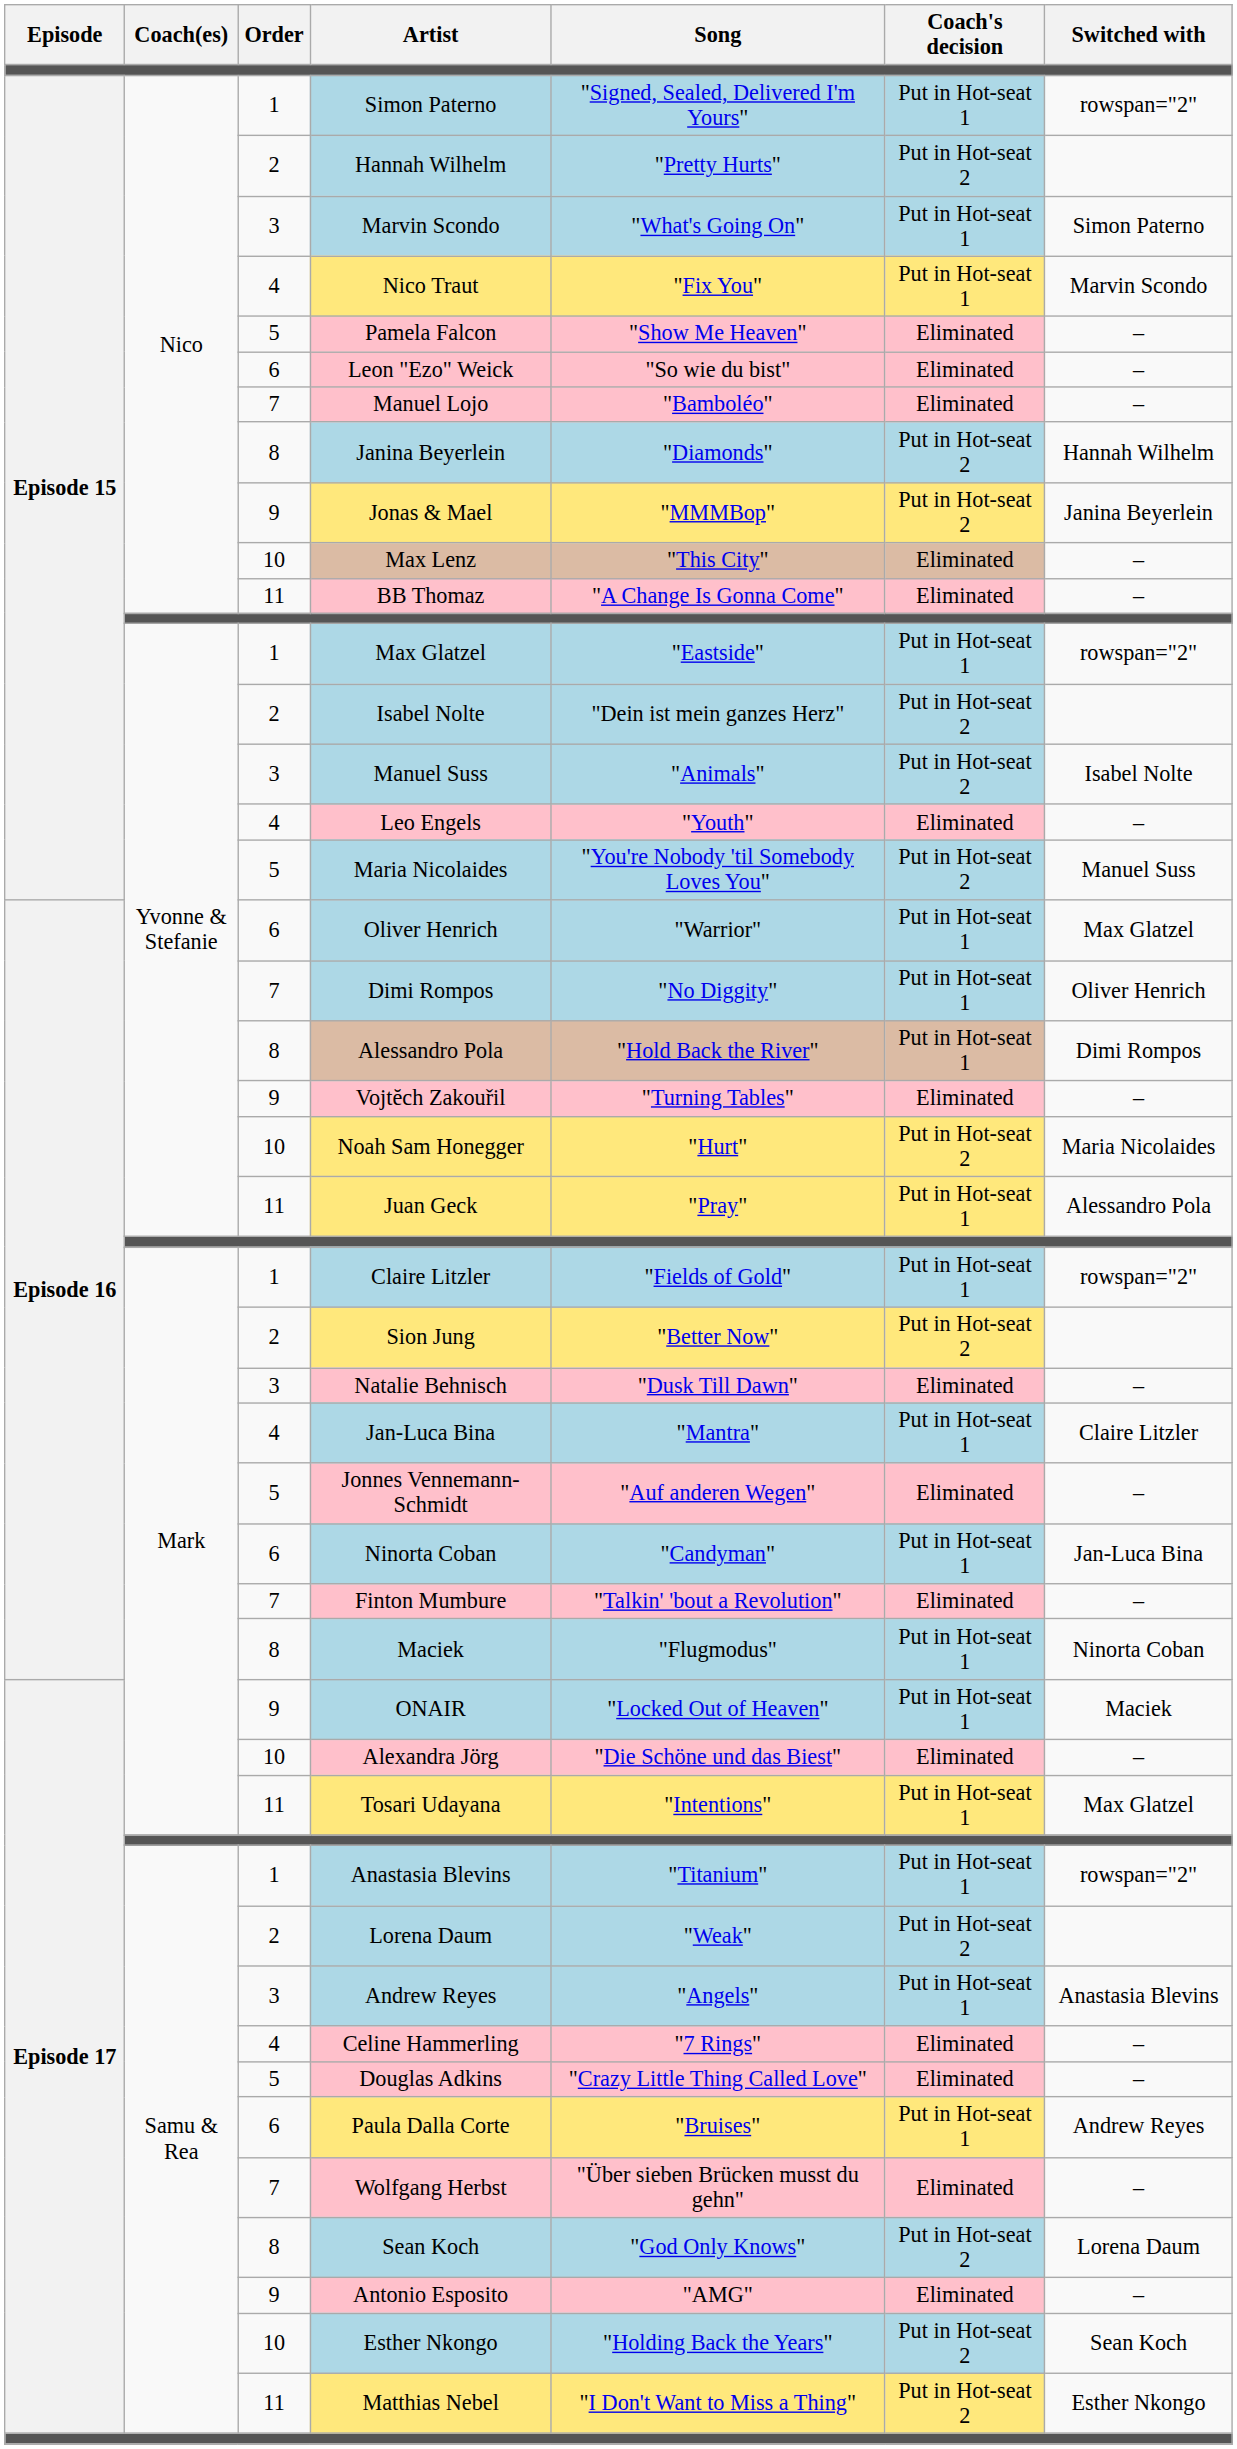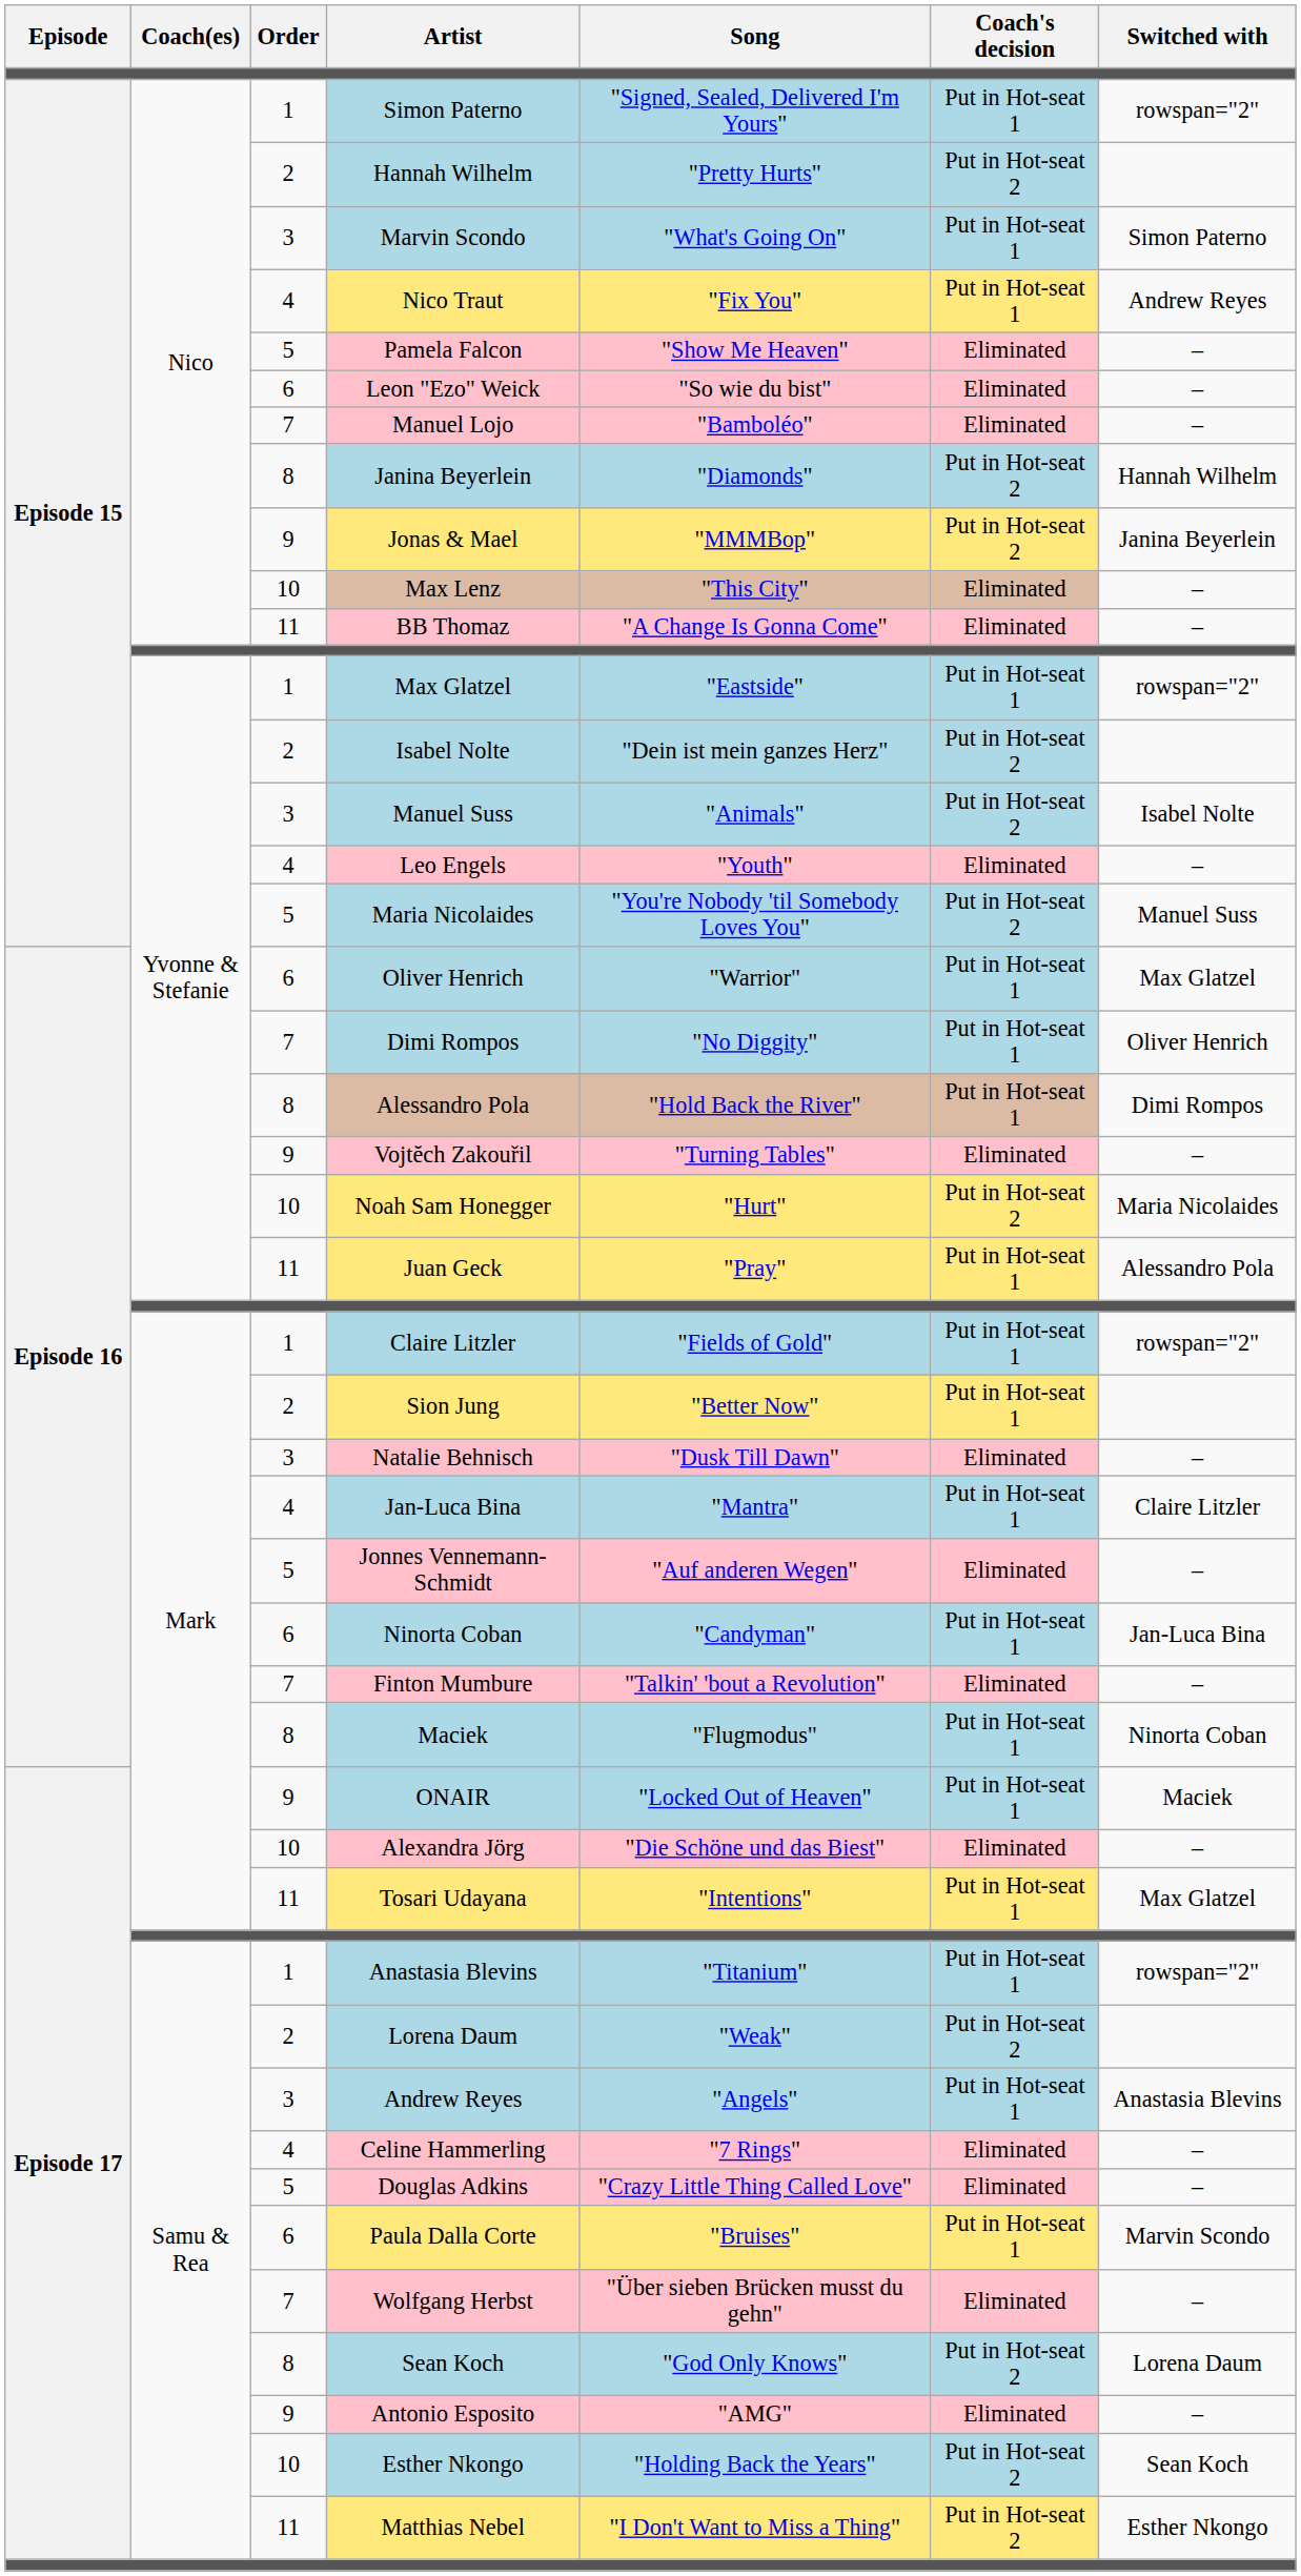 <table class="wikitable plainrowheaders" style="text-align: center; width:100%;">
 <tr>
 <th scope="col" style="width:09%;">Episode</th>
 <th style="width:08%;">Coach(es)</th>
 <th style="width:03%;">Order</th>
 <th style="width:18%;">Artist</th>
 <th style="width:25%;">Song</th>
 <th style="width:12%;">Coach's decision</th>
 <th style="width:14%;">Switched with</th>
 </tr>
 <tr>
 <td colspan="7" style="background:#555;"></td>
 </tr>
 <tr>
 <th rowspan="17">Episode 15<br><small></small></th>
 <td rowspan="11">Nico</td>
 <td>1</td>
 <td style="background:lightblue;">Simon Paterno</td>
 <td style="background:lightblue;">"<a href='#'>Signed, Sealed, Delivered I'm Yours</a>"</td>
 <td style="background:lightblue;">Put in Hot-seat 1</td>
 <td>rowspan="2" </td>
 </tr>
 <tr>
 <td>2</td>
 <td style="background:lightblue;">Hannah Wilhelm</td>
 <td style="background:lightblue;">"<a href='#'>Pretty Hurts</a>"</td>
 <td style="background:lightblue;">Put in Hot-seat 2</td>
 </tr>
 <tr>
 <td>3</td>
 <td style="background:lightblue;">Marvin Scondo</td>
 <td style="background:lightblue;">"<a href='#'>What's Going On</a>"</td>
 <td style="background:lightblue;">Put in Hot-seat 1</td>
 <td>Simon Paterno</td>
 </tr>
 <tr>
 <td>4</td>
 <td style="background:#FFE87C;">Nico Traut</td>
 <td style="background:#FFE87C;">"<a href='#'>Fix You</a>"</td>
 <td style="background:#FFE87C;">Put in Hot-seat 1</td>
-<td>Marvin Scondo</td>
+<td>Andrew Reyes</td>
 </tr>
 <tr>
 <td>5</td>
 <td style="background:pink;">Pamela Falcon</td>
 <td style="background:pink;">"<a href='#'>Show Me Heaven</a>"</td>
 <td style="background:pink;">Eliminated</td>
 <td>–</td>
 </tr>
 <tr>
 <td>6</td>
 <td style="background:pink;">Leon "Ezo" Weick</td>
 <td style="background:pink;">"So wie du bist"</td>
 <td style="background:pink;">Eliminated</td>
 <td>–</td>
 </tr>
 <tr>
 <td>7</td>
 <td style="background:pink;">Manuel Lojo</td>
 <td style="background:pink;">"<a href='#'>Bamboléo</a>"</td>
 <td style="background:pink;">Eliminated</td>
 <td>–</td>
 </tr>
 <tr>
 <td>8</td>
 <td style="background:lightblue;">Janina Beyerlein</td>
 <td style="background:lightblue;">"<a href='#'>Diamonds</a>"</td>
 <td style="background:lightblue;">Put in Hot-seat 2</td>
 <td>Hannah Wilhelm</td>
 </tr>
 <tr>
 <td>9</td>
 <td style="background:#FFE87C;">Jonas & Mael</td>
 <td style="background:#FFE87C;">"<a href='#'>MMMBop</a>"</td>
 <td style="background:#FFE87C;">Put in Hot-seat 2</td>
 <td>Janina Beyerlein</td>
 </tr>
 <tr>
 <td>10</td>
 <td style="background:#dbbba4;">Max Lenz</td>
 <td style="background:#dbbba4;">"<a href='#'>This City</a>"</td>
 <td style="background:#dbbba4;">Eliminated</td>
 <td>–</td>
 </tr>
 <tr>
 <td>11</td>
 <td style="background:pink;">BB Thomaz</td>
 <td style="background:pink;">"<a href='#'>A Change Is Gonna Come</a>"</td>
 <td style="background:pink;">Eliminated</td>
 <td>–</td>
 </tr>
 <tr>
 <td colspan="6" style="background:#555;"></td>
 </tr>
 <tr>
 <td rowspan="11">Yvonne & Stefanie</td>
 <td>1</td>
 <td style="background:lightblue;">Max Glatzel</td>
 <td style="background:lightblue;">"<a href='#'>Eastside</a>"</td>
 <td style="background:lightblue;">Put in Hot-seat 1</td>
 <td>rowspan="2" </td>
 </tr>
 <tr>
 <td>2</td>
 <td style="background:lightblue;">Isabel Nolte</td>
 <td style="background:lightblue;">"Dein ist mein ganzes Herz"</td>
 <td style="background:lightblue;">Put in Hot-seat 2</td>
 </tr>
 <tr>
 <td>3</td>
 <td style="background:lightblue;">Manuel Suss</td>
 <td style="background:lightblue;">"<a href='#'>Animals</a>"</td>
 <td style="background:lightblue;">Put in Hot-seat 2</td>
 <td>Isabel Nolte</td>
 </tr>
 <tr>
 <td>4</td>
 <td style="background:pink;">Leo Engels</td>
 <td style="background:pink;">"<a href='#'>Youth</a>"</td>
 <td style="background:pink;">Eliminated</td>
 <td>–</td>
 </tr>
 <tr>
 <td>5</td>
 <td style="background:lightblue;">Maria Nicolaides</td>
 <td style="background:lightblue;">"<a href='#'>You're Nobody 'til Somebody Loves You</a>"</td>
 <td style="background:lightblue;">Put in Hot-seat 2</td>
 <td>Manuel Suss</td>
 </tr>
 <tr>
 <th rowspan="15">Episode 16<br><small></small></th>
 <td>6</td>
 <td style="background:lightblue;">Oliver Henrich</td>
 <td style="background:lightblue;">"Warrior"</td>
 <td style="background:lightblue;">Put in Hot-seat 1</td>
 <td>Max Glatzel</td>
 </tr>
 <tr>
 <td>7</td>
 <td style="background:lightblue;">Dimi Rompos</td>
 <td style="background:lightblue;">"<a href='#'>No Diggity</a>"</td>
 <td style="background:lightblue;">Put in Hot-seat 1</td>
 <td>Oliver Henrich</td>
 </tr>
 <tr>
 <td>8</td>
 <td style="background:#dbbba4;">Alessandro Pola</td>
 <td style="background:#dbbba4;">"<a href='#'>Hold Back the River</a>"</td>
 <td style="background:#dbbba4;">Put in Hot-seat 1</td>
 <td>Dimi Rompos</td>
 </tr>
 <tr>
 <td>9</td>
 <td style="background:pink;">Vojtĕch Zakouřil</td>
 <td style="background:pink;">"<a href='#'>Turning Tables</a>"</td>
 <td style="background:pink;">Eliminated</td>
 <td>–</td>
 </tr>
 <tr>
 <td>10</td>
 <td style="background:#FFE87C;">Noah Sam Honegger</td>
 <td style="background:#FFE87C;">"<a href='#'>Hurt</a>"</td>
 <td style="background:#FFE87C;">Put in Hot-seat 2</td>
 <td>Maria Nicolaides</td>
 </tr>
 <tr>
 <td>11</td>
 <td style="background:#FFE87C;">Juan Geck</td>
 <td style="background:#FFE87C;">"<a href='#'>Pray</a>"</td>
 <td style="background:#FFE87C;">Put in Hot-seat 1</td>
 <td>Alessandro Pola</td>
 </tr>
 <tr>
 <td colspan="6" style="background:#555;"></td>
 </tr>
 <tr>
 <td rowspan="11">Mark</td>
 <td>1</td>
 <td style="background:lightblue;">Claire Litzler</td>
 <td style="background:lightblue;">"<a href='#'>Fields of Gold</a>"</td>
 <td style="background:lightblue;">Put in Hot-seat 1</td>
 <td>rowspan="2" </td>
 </tr>
 <tr>
 <td>2</td>
 <td style="background:#FFE87C;">Sion Jung</td>
 <td style="background:#FFE87C;">"<a href='#'>Better Now</a>"</td>
-<td style="background:#FFE87C;">Put in Hot-seat 2</td>
+<td style="background:#FFE87C;">Put in Hot-seat 1</td>
 </tr>
 <tr>
 <td>3</td>
 <td style="background:pink;">Natalie Behnisch</td>
 <td style="background:pink;">"<a href='#'>Dusk Till Dawn</a>"</td>
 <td style="background:pink;">Eliminated</td>
 <td>–</td>
 </tr>
 <tr>
 <td>4</td>
 <td style="background:lightblue;">Jan-Luca Bina</td>
 <td style="background:lightblue;">"<a href='#'>Mantra</a>"</td>
 <td style="background:lightblue;">Put in Hot-seat 1</td>
 <td>Claire Litzler</td>
 </tr>
 <tr>
 <td>5</td>
 <td style="background:pink;">Jonnes Vennemann-Schmidt</td>
 <td style="background:pink;">"<a href='#'>Auf anderen Wegen</a>"</td>
 <td style="background:pink;">Eliminated</td>
 <td>–</td>
 </tr>
 <tr>
 <td>6</td>
 <td style="background:lightblue;">Ninorta Coban</td>
 <td style="background:lightblue;">"<a href='#'>Candyman</a>"</td>
 <td style="background:lightblue;">Put in Hot-seat 1</td>
 <td>Jan-Luca Bina</td>
 </tr>
 <tr>
 <td>7</td>
 <td style="background:pink;">Finton Mumbure</td>
 <td style="background:pink;">"<a href='#'>Talkin' 'bout a Revolution</a>"</td>
 <td style="background:pink;">Eliminated</td>
 <td>–</td>
 </tr>
 <tr>
 <td>8</td>
 <td style="background:lightblue;">Maciek</td>
 <td style="background:lightblue;">"Flugmodus"</td>
 <td style="background:lightblue;">Put in Hot-seat 1</td>
 <td>Ninorta Coban</td>
 </tr>
 <tr>
 <th rowspan="15">Episode 17<br><small></small></th>
 <td>9</td>
 <td style="background:lightblue;">ONAIR</td>
 <td style="background:lightblue;">"<a href='#'>Locked Out of Heaven</a>"</td>
 <td style="background:lightblue;">Put in Hot-seat 1</td>
 <td>Maciek</td>
 </tr>
 <tr>
 <td>10</td>
 <td style="background:pink;">Alexandra Jörg</td>
 <td style="background:pink;">"<a href='#'>Die Schöne und das Biest</a>"</td>
 <td style="background:pink;">Eliminated</td>
 <td>–</td>
 </tr>
 <tr>
 <td>11</td>
 <td style="background:#FFE87C;">Tosari Udayana</td>
 <td style="background:#FFE87C;">"<a href='#'>Intentions</a>"</td>
 <td style="background:#FFE87C;">Put in Hot-seat 1</td>
 <td>Max Glatzel</td>
 </tr>
 <tr>
 <td colspan="6" style="background:#555;"></td>
 </tr>
 <tr>
 <td rowspan="11">Samu & Rea</td>
 <td>1</td>
 <td style="background:lightblue;">Anastasia Blevins</td>
 <td style="background:lightblue;">"<a href='#'>Titanium</a>"</td>
 <td style="background:lightblue;">Put in Hot-seat 1</td>
 <td>rowspan="2" </td>
 </tr>
 <tr>
 <td>2</td>
 <td style="background:lightblue;">Lorena Daum</td>
 <td style="background:lightblue;">"<a href='#'>Weak</a>"</td>
 <td style="background:lightblue;">Put in Hot-seat 2</td>
 </tr>
 <tr>
 <td>3</td>
 <td style="background:lightblue;">Andrew Reyes</td>
 <td style="background:lightblue;">"<a href='#'>Angels</a>"</td>
 <td style="background:lightblue;">Put in Hot-seat 1</td>
 <td>Anastasia Blevins</td>
 </tr>
 <tr>
 <td>4</td>
 <td style="background:pink;">Celine Hammerling</td>
 <td style="background:pink;">"<a href='#'>7 Rings</a>"</td>
 <td style="background:pink;">Eliminated</td>
 <td>–</td>
 </tr>
 <tr>
 <td>5</td>
 <td style="background:pink;">Douglas Adkins</td>
 <td style="background:pink;">"<a href='#'>Crazy Little Thing Called Love</a>"</td>
 <td style="background:pink;">Eliminated</td>
 <td>–</td>
 </tr>
 <tr>
 <td>6</td>
 <td style="background:#FFE87C;">Paula Dalla Corte</td>
 <td style="background:#FFE87C;">"<a href='#'>Bruises</a>"</td>
 <td style="background:#FFE87C;">Put in Hot-seat 1</td>
-<td>Andrew Reyes</td>
+<td>Marvin Scondo</td>
 </tr>
 <tr>
 <td>7</td>
 <td style="background:pink;">Wolfgang Herbst</td>
 <td style="background:pink;">"Über sieben Brücken musst du gehn"</td>
 <td style="background:pink;">Eliminated</td>
 <td>–</td>
 </tr>
 <tr>
 <td>8</td>
 <td style="background:lightblue;">Sean Koch</td>
 <td style="background:lightblue;">"<a href='#'>God Only Knows</a>"</td>
 <td style="background:lightblue;">Put in Hot-seat 2</td>
 <td>Lorena Daum</td>
 </tr>
 <tr>
 <td>9</td>
 <td style="background:pink;">Antonio Esposito</td>
 <td style="background:pink;">"AMG"</td>
 <td style="background:pink;">Eliminated</td>
 <td>–</td>
 </tr>
 <tr>
 <td>10</td>
 <td style="background:lightblue;">Esther Nkongo</td>
 <td style="background:lightblue;">"<a href='#'>Holding Back the Years</a>"</td>
 <td style="background:lightblue;">Put in Hot-seat 2</td>
 <td>Sean Koch</td>
 </tr>
 <tr>
 <td>11</td>
 <td style="background:#FFE87C;">Matthias Nebel</td>
 <td style="background:#FFE87C;">"<a href='#'>I Don't Want to Miss a Thing</a>"</td>
 <td style="background:#FFE87C;">Put in Hot-seat 2</td>
 <td>Esther Nkongo</td>
 </tr>
 <tr>
 <td colspan="7" style="background:#555;"></td>
 </tr>
 <tr>
 </tr>
 </table>
